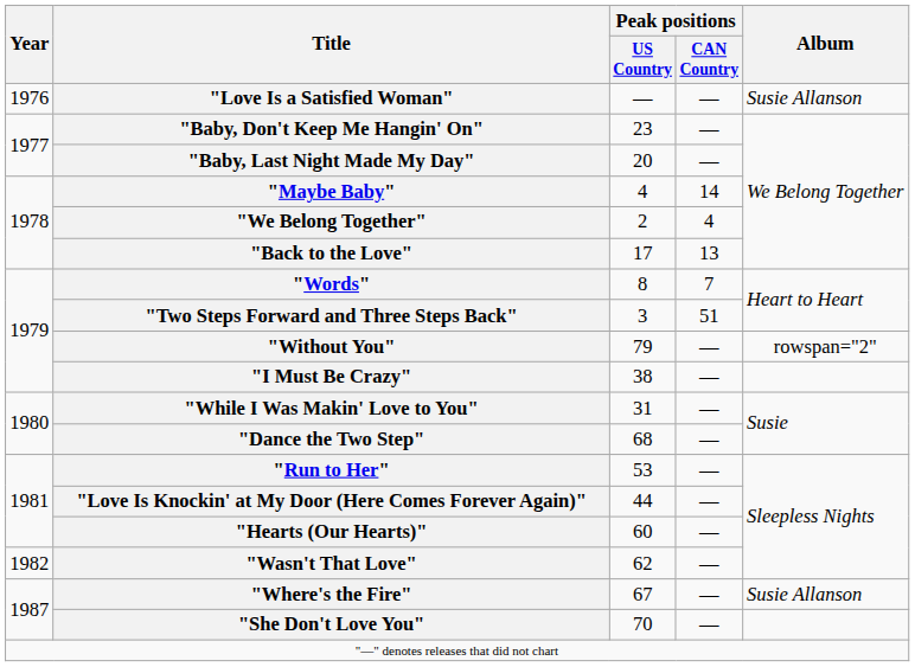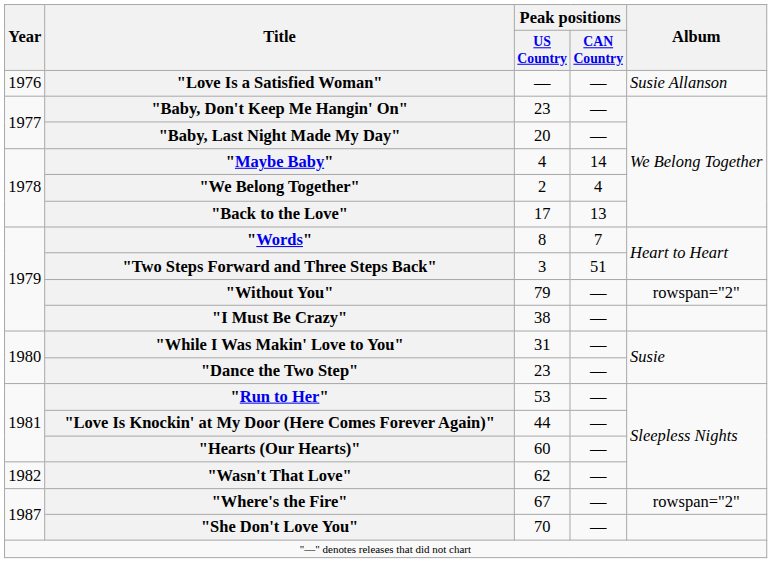 <table class="wikitable plainrowheaders" style=text-align:center;>
 <tr>
 <th scope="col" rowspan="2">Year</th>
 <th scope="col" rowspan="2" style="width:28em;">Title</th>
 <th scope="col" colspan="2">Peak positions</th>
 <th scope="col" rowspan="2">Album</th>
 </tr>
 <tr style="font-size:smaller;">
 <th width="45"><a href='#'>US Country</a></th>
 <th width="45"><a href='#'>CAN Country</a></th>
 </tr>
 <tr>
 <td>1976</td>
 <th scope="row">"Love Is a Satisfied Woman"</th>
 <td>—</td>
 <td>—</td>
 <td align="left"><em>Susie Allanson</em></td>
 </tr>
 <tr>
 <td rowspan="2">1977</td>
 <th scope="row">"Baby, Don't Keep Me Hangin' On"</th>
 <td>23</td>
 <td>—</td>
 <td rowspan="5" align="left"><em>We Belong Together</em></td>
 </tr>
 <tr>
 <th scope="row">"Baby, Last Night Made My Day"</th>
 <td>20</td>
 <td>—</td>
 </tr>
 <tr>
 <td rowspan="3">1978</td>
 <th scope="row">"<a href='#'>Maybe Baby</a>"</th>
 <td>4</td>
 <td>14</td>
 </tr>
 <tr>
 <th scope="row">"We Belong Together"</th>
 <td>2</td>
 <td>4</td>
 </tr>
 <tr>
 <th scope="row">"Back to the Love"</th>
 <td>17</td>
 <td>13</td>
 </tr>
 <tr>
 <td rowspan="4">1979</td>
 <th scope="row">"<a href='#'>Words</a>"</th>
 <td>8</td>
 <td>7</td>
 <td rowspan="2" align="left"><em>Heart to Heart</em></td>
 </tr>
 <tr>
 <th scope="row">"Two Steps Forward and Three Steps Back"</th>
 <td>3</td>
 <td>51</td>
 </tr>
 <tr>
 <th scope="row">"Without You"</th>
 <td>79</td>
 <td>—</td>
 <td>rowspan="2" </td>
 </tr>
 <tr>
 <th scope="row">"I Must Be Crazy"</th>
 <td>38</td>
 <td>—</td>
 </tr>
 <tr>
 <td rowspan="2">1980</td>
 <th scope="row">"While I Was Makin' Love to You"</th>
 <td>31</td>
 <td>—</td>
 <td rowspan="2" align="left"><em>Susie</em></td>
 </tr>
 <tr>
 <th scope="row">"Dance the Two Step"</th>
-<td>68</td>
+<td>23</td>
 <td>—</td>
 </tr>
 <tr>
 <td rowspan="3">1981</td>
 <th scope="row">"<a href='#'>Run to Her</a>"</th>
 <td>53</td>
 <td>—</td>
 <td rowspan="4" align="left"><em>Sleepless Nights</em> </td>
 </tr>
 <tr>
 <th scope="row">"Love Is Knockin' at My Door (Here Comes Forever Again)"</th>
 <td>44</td>
 <td>—</td>
 </tr>
 <tr>
 <th scope="row">"Hearts (Our Hearts)"</th>
 <td>60</td>
 <td>—</td>
 </tr>
 <tr>
 <td>1982</td>
 <th scope="row">"Wasn't That Love"</th>
 <td>62</td>
 <td>—</td>
 </tr>
 <tr>
 <td rowspan="2">1987</td>
 <th scope="row">"Where's the Fire"</th>
 <td>67</td>
 <td>—</td>
-<td align="left"><em>Susie Allanson</em></td>
+<td>rowspan="2" </td>
 </tr>
 <tr>
 <th scope="row">"She Don't Love You"</th>
 <td>70</td>
 <td>—</td>
 </tr>
 <tr>
 <td colspan="5" style="font-size:8pt">"—" denotes releases that did not chart</td>
 </tr>
 </table>
